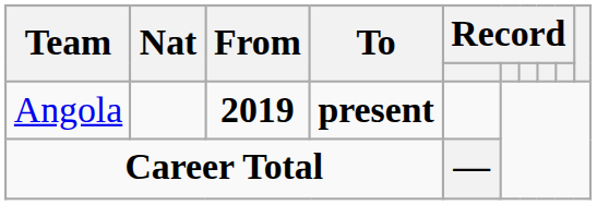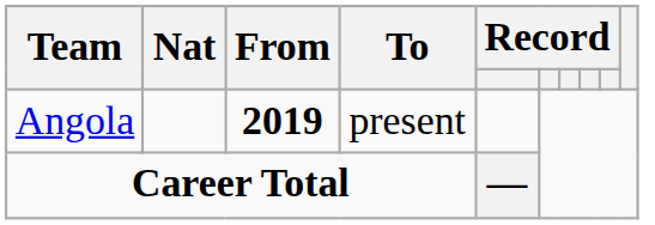 <table class="wikitable" style="text-align: center">
 <tr>
 <th rowspan="2">Team</th>
 <th rowspan="2">Nat</th>
 <th rowspan="2">From</th>
 <th rowspan="2">To</th>
 <th colspan="5">Record</th>
 <th rowspan=2></th>
 </tr>
 <tr>
 <th></th>
 <th></th>
 <th></th>
 <th></th>
 <th></th>
 </tr>
 <tr>
 <td align="left"><a href='#'>Angola</a></td>
 <td align="center"></td>
 <td align="center"><strong>2019</strong></td>
-<td align="center"><strong>present<br></strong></td>
+<td align="center">present<br></td>
 <td></td>
 </tr>
 <tr>
 <td colspan=4><strong>Career Total</strong><br></td>
 <th>—</th>
 </tr>
 </table>
